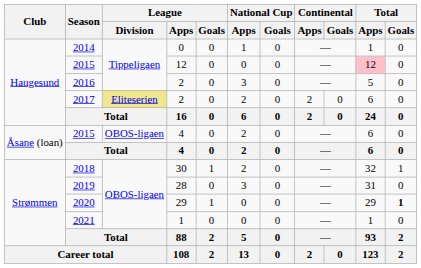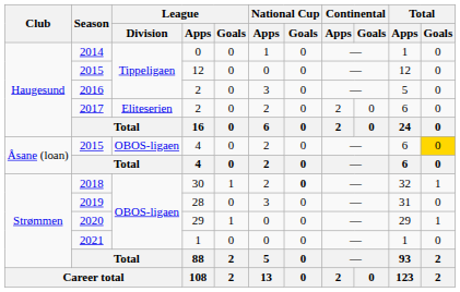 <table class="wikitable" style="text-align: center;">
 <tr>
 <th rowspan="2">Club</th>
 <th rowspan="2">Season</th>
 <th colspan="3">League</th>
 <th colspan="2">National Cup</th>
 <th colspan="2">Continental</th>
 <th colspan="2">Total</th>
 </tr>
 <tr>
 <th>Division</th>
 <th>Apps</th>
 <th>Goals</th>
 <th>Apps</th>
 <th>Goals</th>
 <th>Apps</th>
 <th>Goals</th>
 <th>Apps</th>
 <th>Goals</th>
 </tr>
 <tr>
 <td rowspan="5"><a href='#'>Haugesund</a></td>
 <td><a href='#'>2014</a></td>
 <td rowspan="3"><a href='#'>Tippeligaen</a></td>
 <td>0</td>
 <td>0</td>
 <td>1</td>
 <td>0</td>
 <td colspan="2">—</td>
 <td>1</td>
 <td>0</td>
 </tr>
 <tr>
 <td><a href='#'>2015</a></td>
 <td>12</td>
 <td>0</td>
 <td>0</td>
 <td>0</td>
 <td colspan="2">—</td>
-<td style="background: pink;">12</td>
+<td>12</td>
 <td>0</td>
 </tr>
 <tr>
 <td><a href='#'>2016</a></td>
 <td>2</td>
 <td>0</td>
 <td>3</td>
 <td>0</td>
 <td colspan="2">—</td>
 <td>5</td>
 <td>0</td>
 </tr>
 <tr>
 <td><a href='#'>2017</a></td>
-<td rowspan="1" style="background: khaki;"><a href='#'>Eliteserien</a></td>
+<td rowspan="1"><a href='#'>Eliteserien</a></td>
 <td>2</td>
 <td>0</td>
 <td>2</td>
 <td>0</td>
 <td>2</td>
 <td>0</td>
 <td>6</td>
 <td>0</td>
 </tr>
 <tr>
 <th colspan="2">Total</th>
 <th>16</th>
 <th>0</th>
 <th>6</th>
 <th>0</th>
 <th>2</th>
 <th>0</th>
 <th>24</th>
 <th>0</th>
 </tr>
 <tr>
 <td rowspan="2"><a href='#'>Åsane</a> (loan)</td>
 <td><a href='#'>2015</a></td>
 <td rowspan="1"><a href='#'>OBOS-ligaen</a></td>
 <td>4</td>
 <td>0</td>
 <td>2</td>
 <td>0</td>
 <td colspan="2">—</td>
 <td>6</td>
-<td>0</td>
+<td style="background: gold;">0</td>
 </tr>
 <tr>
 <th colspan="2">Total</th>
 <th>4</th>
 <th>0</th>
 <th>2</th>
 <th>0</th>
 <th colspan="2">—</th>
 <th>6</th>
 <th>0</th>
 </tr>
 <tr>
 <td rowspan="5"><a href='#'>Strømmen</a></td>
 <td><a href='#'>2018</a></td>
 <td rowspan="4"><a href='#'>OBOS-ligaen</a></td>
 <td>30</td>
 <td>1</td>
 <td>2</td>
-<td>0</td>
+<td><strong>0</strong></td>
 <td colspan="2">—</td>
 <td>32</td>
 <td>1</td>
 </tr>
 <tr>
 <td><a href='#'>2019</a></td>
 <td>28</td>
 <td>0</td>
 <td>3</td>
 <td>0</td>
 <td colspan="2">—</td>
 <td>31</td>
 <td>0</td>
 </tr>
 <tr>
 <td><a href='#'>2020</a></td>
 <td>29</td>
 <td>1</td>
 <td>0</td>
 <td>0</td>
 <td colspan="2">—</td>
 <td>29</td>
-<td><strong>1</strong></td>
+<td>1</td>
 </tr>
 <tr>
 <td><a href='#'>2021</a></td>
 <td>1</td>
 <td>0</td>
 <td>0</td>
 <td>0</td>
 <td colspan="2">—</td>
 <td>1</td>
 <td>0</td>
 </tr>
 <tr>
 <th colspan="2">Total</th>
 <th>88</th>
 <th>2</th>
 <th>5</th>
 <th>0</th>
 <th colspan="2">—</th>
 <th>93</th>
 <th>2</th>
 </tr>
 <tr>
 <th colspan="3">Career total</th>
 <th>108</th>
 <th>2</th>
 <th>13</th>
 <th>0</th>
 <th>2</th>
 <th>0</th>
 <th>123</th>
 <th>2</th>
 </tr>
 </table>
